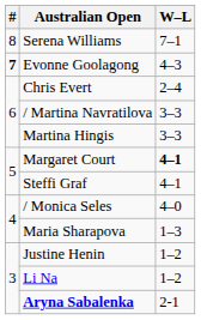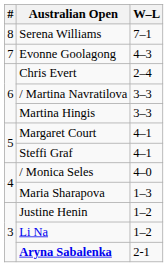 <table class=wikitable>
 <tr>
 <th>#</th>
 <th>Australian Open</th>
 <th>W–L</th>
 </tr>
 <tr>
 <td>8</td>
 <td> Serena Williams</td>
 <td>7–1</td>
 </tr>
 <tr>
-<td><strong>7</strong></td>
+<td>7</td>
 <td> Evonne Goolagong</td>
 <td>4–3</td>
 </tr>
 <tr>
 <td rowspan=3>6</td>
 <td> Chris Evert</td>
 <td>2–4</td>
 </tr>
 <tr>
 <td>/ Martina Navratilova</td>
 <td>3–3</td>
 </tr>
 <tr>
 <td> Martina Hingis</td>
 <td>3–3</td>
 </tr>
 <tr>
 <td rowspan=2>5</td>
 <td> Margaret Court</td>
-<td><strong>4–1</strong></td>
+<td>4–1</td>
 </tr>
 <tr>
 <td> Steffi Graf</td>
 <td>4–1</td>
 </tr>
 <tr>
 <td rowspan=2>4</td>
 <td>/ Monica Seles</td>
 <td>4–0</td>
 </tr>
 <tr>
 <td> Maria Sharapova</td>
 <td>1–3</td>
 </tr>
 <tr>
 <td rowspan=3>3</td>
 <td> Justine Henin</td>
 <td>1–2</td>
 </tr>
 <tr>
 <td> <a href='#'>Li Na</a></td>
 <td>1–2</td>
 </tr>
 <tr>
 <td><strong><a href='#'>Aryna Sabalenka</a></strong></td>
 <td>2-1</td>
 </tr>
 </table>
